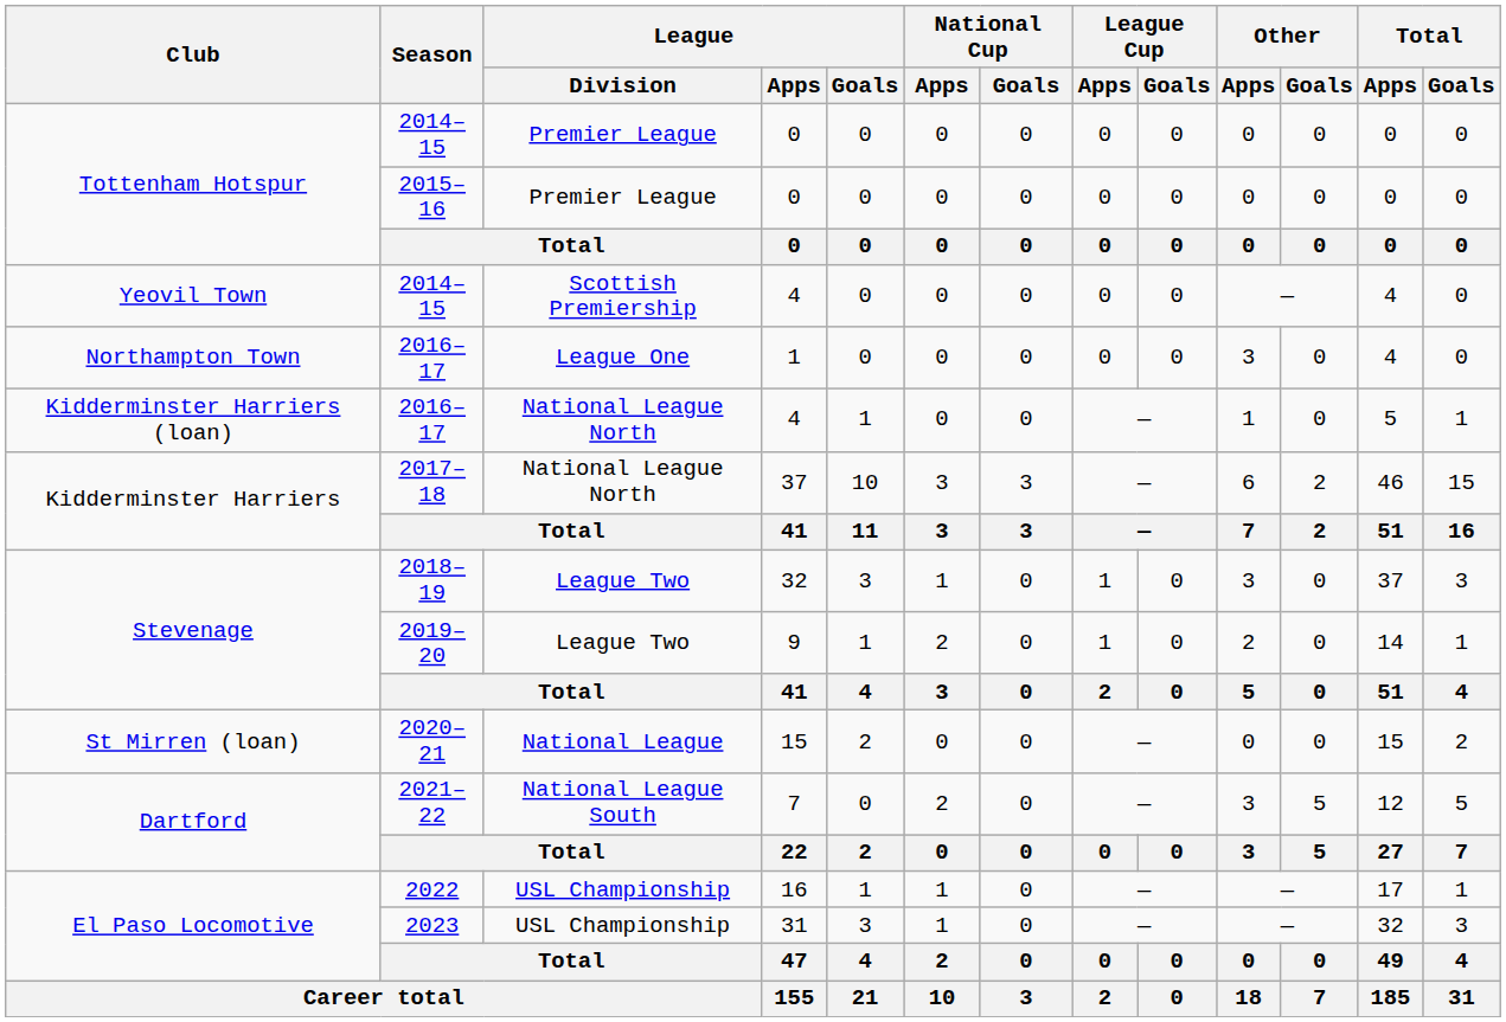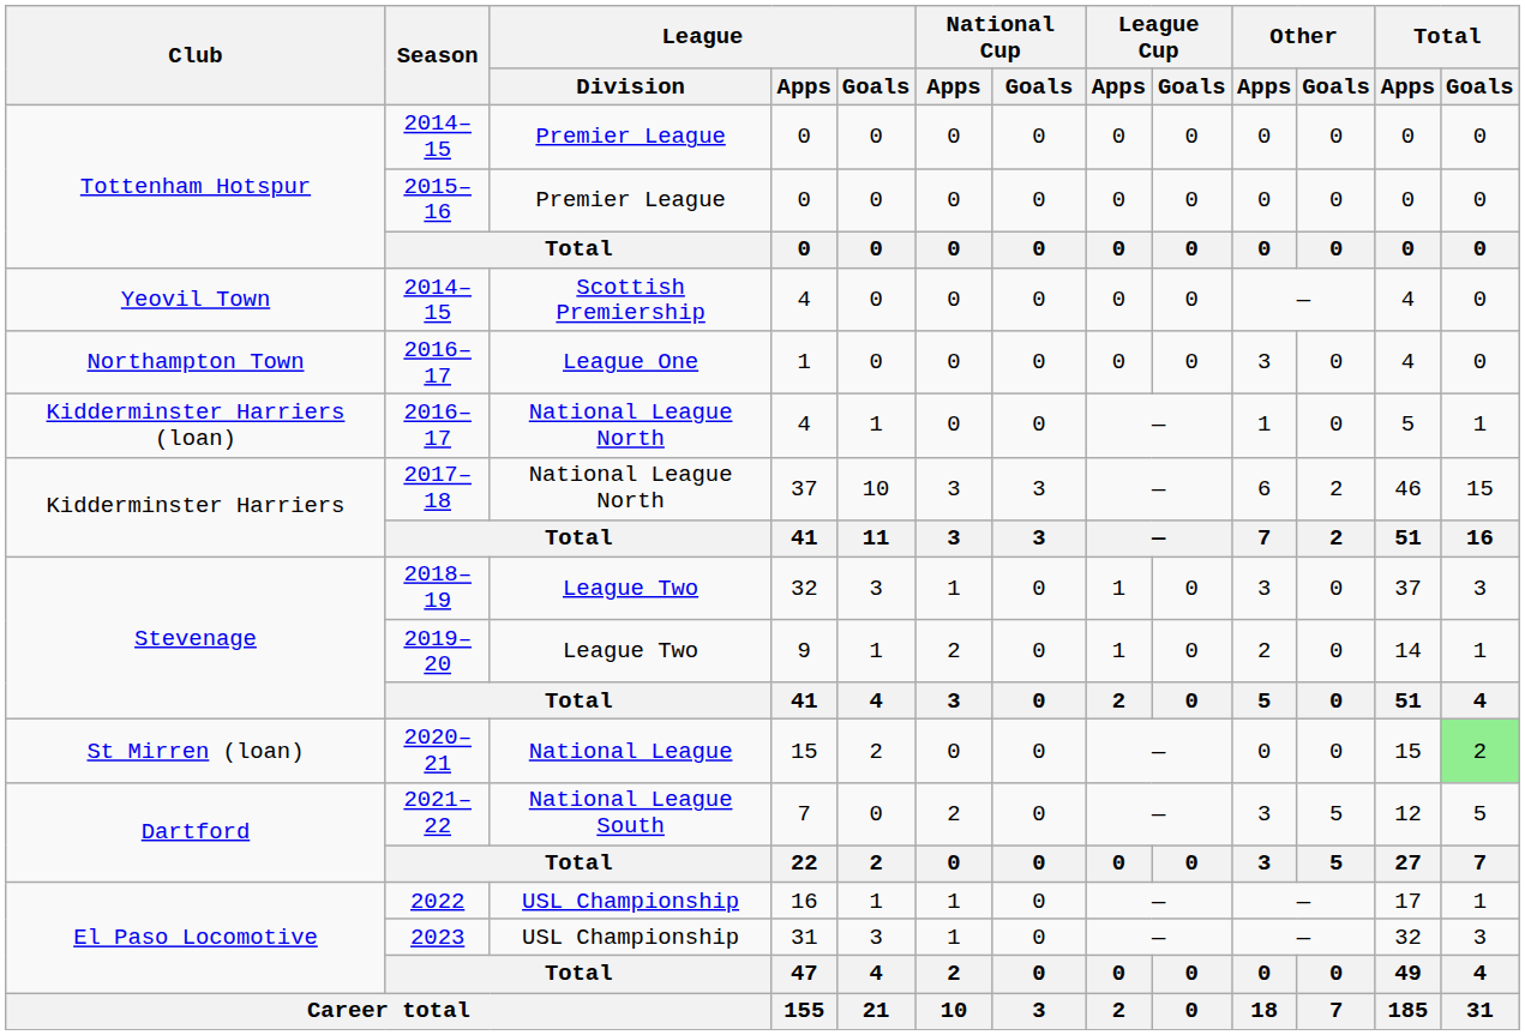 <table class="wikitable" style="text-align: center">
 <tr>
 <th rowspan="2">Club</th>
 <th rowspan="2">Season</th>
 <th colspan="3">League</th>
 <th colspan="2">National Cup</th>
 <th colspan="2">League Cup</th>
 <th colspan="2">Other</th>
 <th colspan="2">Total</th>
 </tr>
 <tr>
 <th>Division</th>
 <th>Apps</th>
 <th>Goals</th>
 <th>Apps</th>
 <th>Goals</th>
 <th>Apps</th>
 <th>Goals</th>
 <th>Apps</th>
 <th>Goals</th>
 <th>Apps</th>
 <th>Goals</th>
 </tr>
 <tr>
 <td rowspan="3"><a href='#'>Tottenham Hotspur</a></td>
 <td><a href='#'>2014–15</a></td>
 <td><a href='#'>Premier League</a></td>
 <td>0</td>
 <td>0</td>
 <td>0</td>
 <td>0</td>
 <td>0</td>
 <td>0</td>
 <td>0</td>
 <td>0</td>
 <td>0</td>
 <td>0</td>
 </tr>
 <tr>
 <td><a href='#'>2015–16</a></td>
 <td>Premier League</td>
 <td>0</td>
 <td>0</td>
 <td>0</td>
 <td>0</td>
 <td>0</td>
 <td>0</td>
 <td>0</td>
 <td>0</td>
 <td>0</td>
 <td>0</td>
 </tr>
 <tr>
 <th colspan="2">Total</th>
 <th>0</th>
 <th>0</th>
 <th>0</th>
 <th>0</th>
 <th>0</th>
 <th>0</th>
 <th>0</th>
 <th>0</th>
 <th>0</th>
 <th>0</th>
 </tr>
 <tr>
 <td><a href='#'>Yeovil Town</a></td>
 <td><a href='#'>2014–15</a></td>
 <td><a href='#'>Scottish Premiership</a></td>
 <td>4</td>
 <td>0</td>
 <td>0</td>
 <td>0</td>
 <td>0</td>
 <td>0</td>
 <td colspan="2">—</td>
 <td>4</td>
 <td>0</td>
 </tr>
 <tr>
 <td><a href='#'>Northampton Town</a></td>
 <td><a href='#'>2016–17</a></td>
 <td><a href='#'>League One</a></td>
 <td>1</td>
 <td>0</td>
 <td>0</td>
 <td>0</td>
 <td>0</td>
 <td>0</td>
 <td>3</td>
 <td>0</td>
 <td>4</td>
 <td>0</td>
 </tr>
 <tr>
 <td><a href='#'>Kidderminster Harriers</a> (loan)</td>
 <td><a href='#'>2016–17</a></td>
 <td><a href='#'>National League North</a></td>
 <td>4</td>
 <td>1</td>
 <td>0</td>
 <td>0</td>
 <td colspan="2">—</td>
 <td>1</td>
 <td>0</td>
 <td>5</td>
 <td>1</td>
 </tr>
 <tr>
 <td rowspan="2">Kidderminster Harriers</td>
 <td><a href='#'>2017–18</a></td>
 <td>National League North</td>
 <td>37</td>
 <td>10</td>
 <td>3</td>
 <td>3</td>
 <td colspan="2">—</td>
 <td>6</td>
 <td>2</td>
 <td>46</td>
 <td>15</td>
 </tr>
 <tr>
 <th colspan="2">Total</th>
 <th>41</th>
 <th>11</th>
 <th>3</th>
 <th>3</th>
 <th colspan="2">—</th>
 <th>7</th>
 <th>2</th>
 <th>51</th>
 <th>16</th>
 </tr>
 <tr>
 <td rowspan="3"><a href='#'>Stevenage</a></td>
 <td><a href='#'>2018–19</a></td>
 <td><a href='#'>League Two</a></td>
 <td>32</td>
 <td>3</td>
 <td>1</td>
 <td>0</td>
 <td>1</td>
 <td>0</td>
 <td>3</td>
 <td>0</td>
 <td>37</td>
 <td>3</td>
 </tr>
 <tr>
 <td><a href='#'>2019–20</a></td>
 <td>League Two</td>
 <td>9</td>
 <td>1</td>
 <td>2</td>
 <td>0</td>
 <td>1</td>
 <td>0</td>
 <td>2</td>
 <td>0</td>
 <td>14</td>
 <td>1</td>
 </tr>
 <tr>
 <th colspan="2">Total</th>
 <th>41</th>
 <th>4</th>
 <th>3</th>
 <th>0</th>
 <th>2</th>
 <th>0</th>
 <th>5</th>
 <th>0</th>
 <th>51</th>
 <th>4</th>
 </tr>
 <tr>
 <td><a href='#'>St Mirren</a> (loan)</td>
 <td><a href='#'>2020–21</a></td>
 <td><a href='#'>National League</a></td>
 <td>15</td>
 <td>2</td>
 <td>0</td>
 <td>0</td>
 <td colspan="2">—</td>
 <td>0</td>
 <td>0</td>
 <td>15</td>
-<td>2</td>
+<td style="background: lightgreen;">2</td>
 </tr>
 <tr>
 <td rowspan=2><a href='#'>Dartford</a></td>
 <td><a href='#'>2021–22</a></td>
 <td><a href='#'>National League South</a></td>
 <td>7</td>
 <td>0</td>
 <td>2</td>
 <td>0</td>
 <td colspan="2">—</td>
 <td>3</td>
 <td>5</td>
 <td>12</td>
 <td>5</td>
 </tr>
 <tr>
 <th colspan="2">Total</th>
 <th>22</th>
 <th>2</th>
 <th>0</th>
 <th>0</th>
 <th>0</th>
 <th>0</th>
 <th>3</th>
 <th>5</th>
 <th>27</th>
 <th>7</th>
 </tr>
 <tr>
 <td rowspan=3><a href='#'>El Paso Locomotive</a></td>
 <td><a href='#'>2022</a></td>
 <td><a href='#'>USL Championship</a></td>
 <td>16</td>
 <td>1</td>
 <td>1</td>
 <td>0</td>
 <td colspan="2">—</td>
 <td colspan="2">—</td>
 <td>17</td>
 <td>1</td>
 </tr>
 <tr>
 <td><a href='#'>2023</a></td>
 <td>USL Championship</td>
 <td>31</td>
 <td>3</td>
 <td>1</td>
 <td>0</td>
 <td colspan="2">—</td>
 <td colspan="2">—</td>
 <td>32</td>
 <td>3</td>
 </tr>
 <tr>
 <th colspan="2">Total</th>
 <th>47</th>
 <th>4</th>
 <th>2</th>
 <th>0</th>
 <th>0</th>
 <th>0</th>
 <th>0</th>
 <th>0</th>
 <th>49</th>
 <th>4</th>
 </tr>
 <tr>
 <th colspan="3">Career total</th>
 <th>155</th>
 <th>21</th>
 <th>10</th>
 <th>3</th>
 <th>2</th>
 <th>0</th>
 <th>18</th>
 <th>7</th>
 <th>185</th>
 <th>31</th>
 </tr>
 </table>
